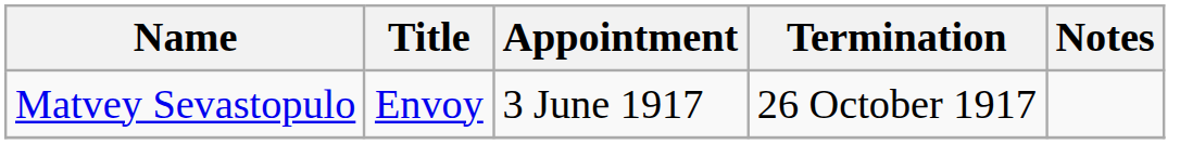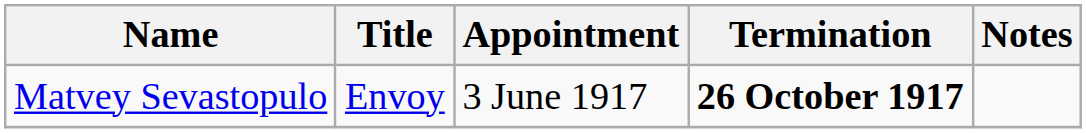 <table class="wikitable">
 <tr valign="middle">
 <th>Name</th>
 <th>Title</th>
 <th>Appointment</th>
 <th>Termination</th>
 <th>Notes</th>
 </tr>
 <tr>
 <td><a href='#'>Matvey Sevastopulo</a></td>
 <td><a href='#'>Envoy</a></td>
 <td>3 June 1917</td>
-<td>26 October 1917</td>
+<td><strong>26 October 1917</strong></td>
 <td></td>
 </tr>
 <tr>
 </tr>
 </table>
